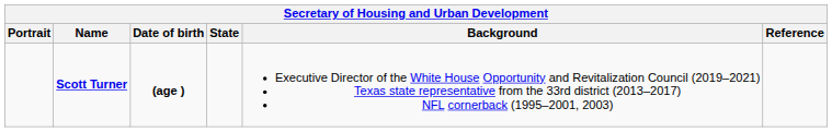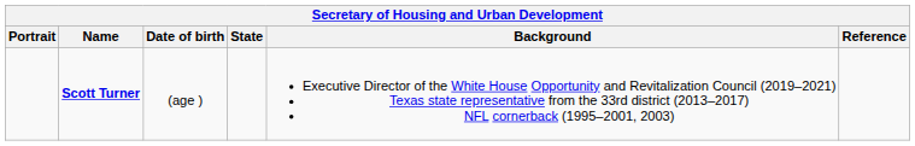 <table class="wikitable collapsible" style="text-align:center;">
 <tr>
 <th colspan="6"><a href='#'>Secretary of Housing and Urban Development</a></th>
 </tr>
 <tr>
 <th>Portrait</th>
 <th>Name</th>
 <th>Date of birth</th>
 <th>State</th>
 <th>Background</th>
 <th>Reference</th>
 </tr>
 <tr>
 <td></td>
 <td><strong><a href='#'>Scott Turner</a></strong></td>
-<td><strong><br>(age )</strong></td>
+<td><br>(age )</td>
 <td></td>
 <td><br><ul><li>Executive Director of the <a href='#'>White House</a> <a href='#'>Opportunity</a> and Revitalization Council (2019–2021)</li><li><a href='#'>Texas state representative</a> from the 33rd district (2013–2017)</li><li><a href='#'>NFL</a> <a href='#'>cornerback</a> (1995–2001, 2003)</li></ul></td>
 <td></td>
 </tr>
 </table>
